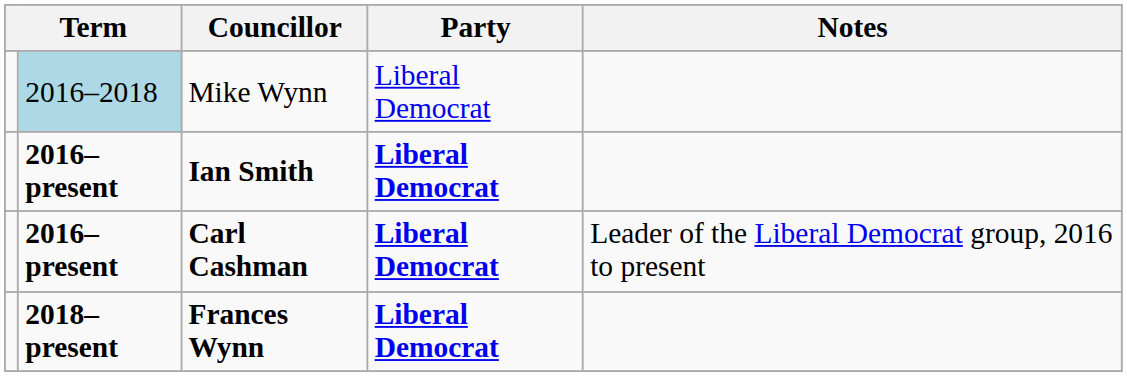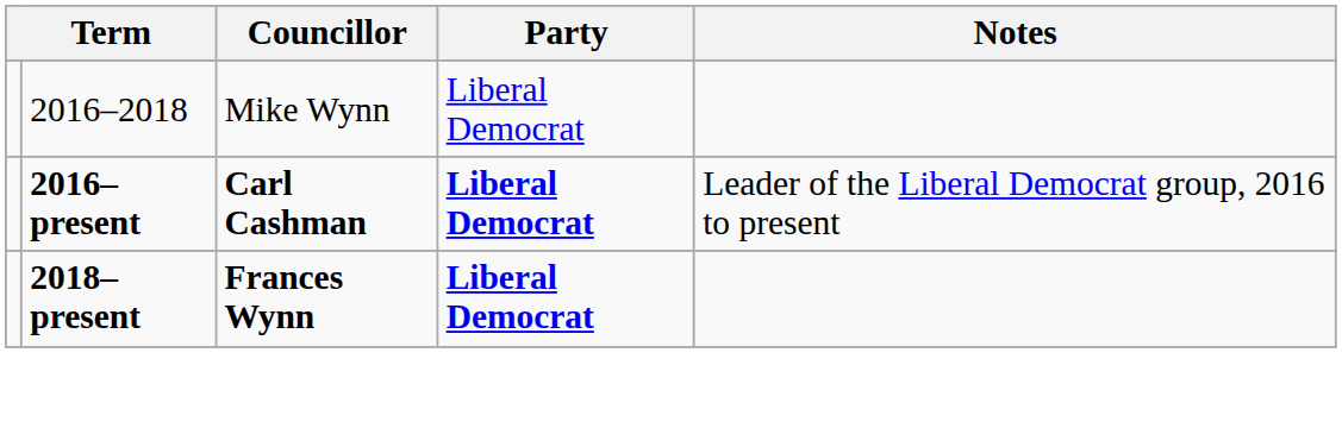 <table class="wikitable">
 <tr>
 <th colspan=2>Term</th>
 <th>Councillor</th>
 <th>Party</th>
 <th>Notes</th>
 </tr>
 <tr>
 <td style="background-color: "></td>
-<td style="background: lightblue;">2016–2018</td>
+<td>2016–2018</td>
 <td>Mike Wynn </td>
 <td><a href='#'>Liberal Democrat</a></td>
-<td></td>
-</tr>
-<tr>
-<td style="background-color: "></td>
-<td><strong>2016–present</strong></td>
-<td><strong>Ian Smith</strong> </td>
-<td><strong><a href='#'>Liberal Democrat</a></strong></td>
 <td></td>
 </tr>
 <tr>
 <td style="background-color: "></td>
 <td><strong>2016–present</strong></td>
 <td><strong>Carl Cashman</strong> </td>
 <td><strong><a href='#'>Liberal Democrat</a></strong></td>
 <td>Leader of the <a href='#'>Liberal Democrat</a> group, 2016 to present</td>
 </tr>
 <tr>
 <td style="background-color: "></td>
 <td><strong>2018–present</strong></td>
 <td><strong>Frances Wynn</strong> </td>
 <td><strong><a href='#'>Liberal Democrat</a></strong></td>
 <td></td>
 </tr>
 </table>
